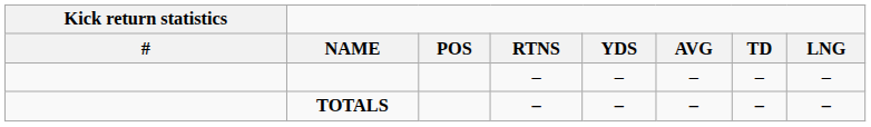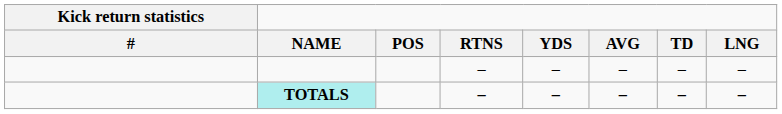 <table style="width:60%; text-align:center;" class="wikitable collapsible collapsed">
 <tr>
 <th style="text-align:center; ">Kick return statistics</th>
 </tr>
 <tr>
 <th>#</th>
 <th>NAME</th>
 <th>POS</th>
 <th>RTNS</th>
 <th>YDS</th>
 <th>AVG</th>
 <th>TD</th>
 <th>LNG</th>
 </tr>
 <tr>
 <td></td>
 <td></td>
 <td></td>
 <td>–</td>
 <td>–</td>
 <td>–</td>
 <td>–</td>
 <td>–</td>
 </tr>
 <tr>
 <td></td>
-<td><strong>TOTALS</strong></td>
+<td style="background: paleturquoise;"><strong>TOTALS</strong></td>
 <td></td>
 <td><strong>–</strong></td>
 <td><strong>–</strong></td>
 <td><strong>–</strong></td>
 <td><strong>–</strong></td>
 <td><strong>–</strong></td>
 </tr>
 </table>
